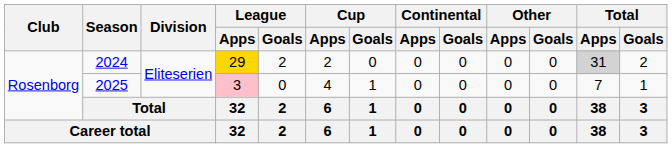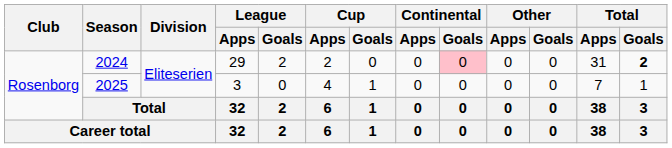 <table class="wikitable" style="text-align: center;">
 <tr>
 <th rowspan="2">Club</th>
 <th rowspan="2">Season</th>
 <th rowspan="2">Division</th>
 <th colspan="2">League</th>
 <th colspan="2">Cup</th>
 <th colspan="2">Continental</th>
 <th colspan="2">Other</th>
 <th colspan="2">Total</th>
 </tr>
 <tr>
 <th>Apps</th>
 <th>Goals</th>
 <th>Apps</th>
 <th>Goals</th>
 <th>Apps</th>
 <th>Goals</th>
 <th>Apps</th>
 <th>Goals</th>
 <th>Apps</th>
 <th>Goals</th>
 </tr>
 <tr>
 <td rowspan="3" valign="center"><a href='#'>Rosenborg</a></td>
 <td><a href='#'>2024</a></td>
 <td rowspan="2" valign="center"><a href='#'>Eliteserien</a></td>
-<td style="background: gold;">29</td>
+<td>29</td>
 <td>2</td>
 <td>2</td>
 <td>0</td>
 <td>0</td>
+<td style="background: pink;">0</td>
 <td>0</td>
 <td>0</td>
-<td>0</td>
-<td style="background: lightgrey;">31</td>
-<td>2</td>
+<td>31</td>
+<td><strong>2</strong></td>
 </tr>
 <tr>
 <td><a href='#'>2025</a></td>
-<td style="background: pink;">3</td>
+<td>3</td>
 <td>0</td>
 <td>4</td>
 <td>1</td>
 <td>0</td>
 <td>0</td>
 <td>0</td>
 <td>0</td>
 <td>7</td>
 <td>1</td>
 </tr>
 <tr>
 <th colspan=2>Total</th>
 <th>32</th>
 <th>2</th>
 <th>6</th>
 <th>1</th>
 <th>0</th>
 <th>0</th>
 <th>0</th>
 <th>0</th>
 <th>38</th>
 <th>3</th>
 </tr>
 <tr>
 <th colspan="3">Career total</th>
 <th>32</th>
 <th>2</th>
 <th>6</th>
 <th>1</th>
 <th>0</th>
 <th>0</th>
 <th>0</th>
 <th>0</th>
 <th>38</th>
 <th>3</th>
 </tr>
 </table>
